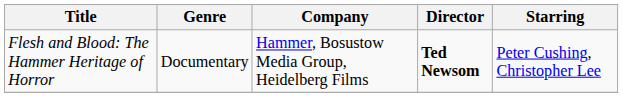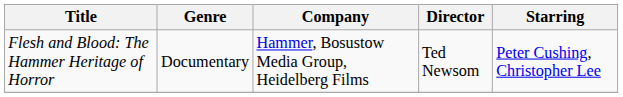 <table class="wikitable unsortable">
 <tr>
 <th>Title</th>
 <th>Genre</th>
 <th>Company</th>
 <th>Director</th>
 <th>Starring</th>
 </tr>
 <tr>
 <td><em>Flesh and Blood: The Hammer Heritage of Horror</em></td>
 <td>Documentary</td>
 <td><a href='#'>Hammer</a>, Bosustow Media Group, Heidelberg Films</td>
-<td><strong>Ted Newsom</strong></td>
+<td>Ted Newsom</td>
 <td><a href='#'>Peter Cushing</a>, <a href='#'>Christopher Lee</a></td>
 </tr>
 <tr>
 </tr>
 </table>
